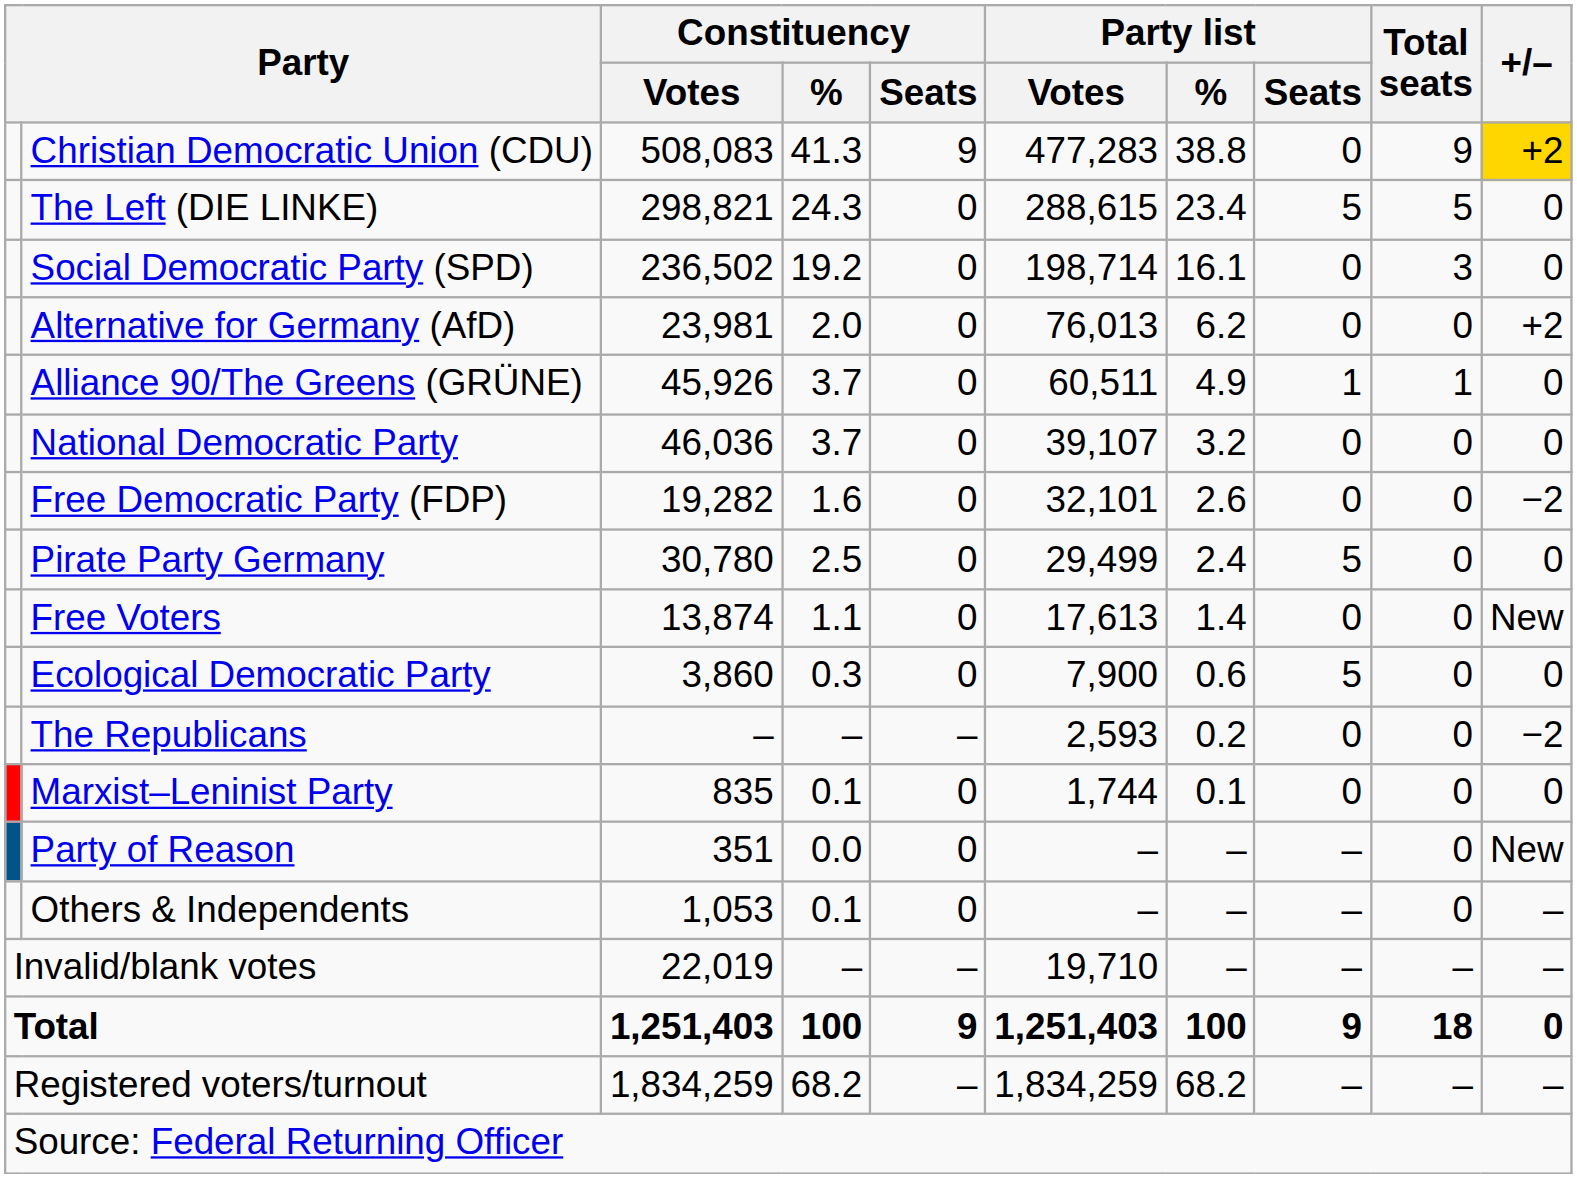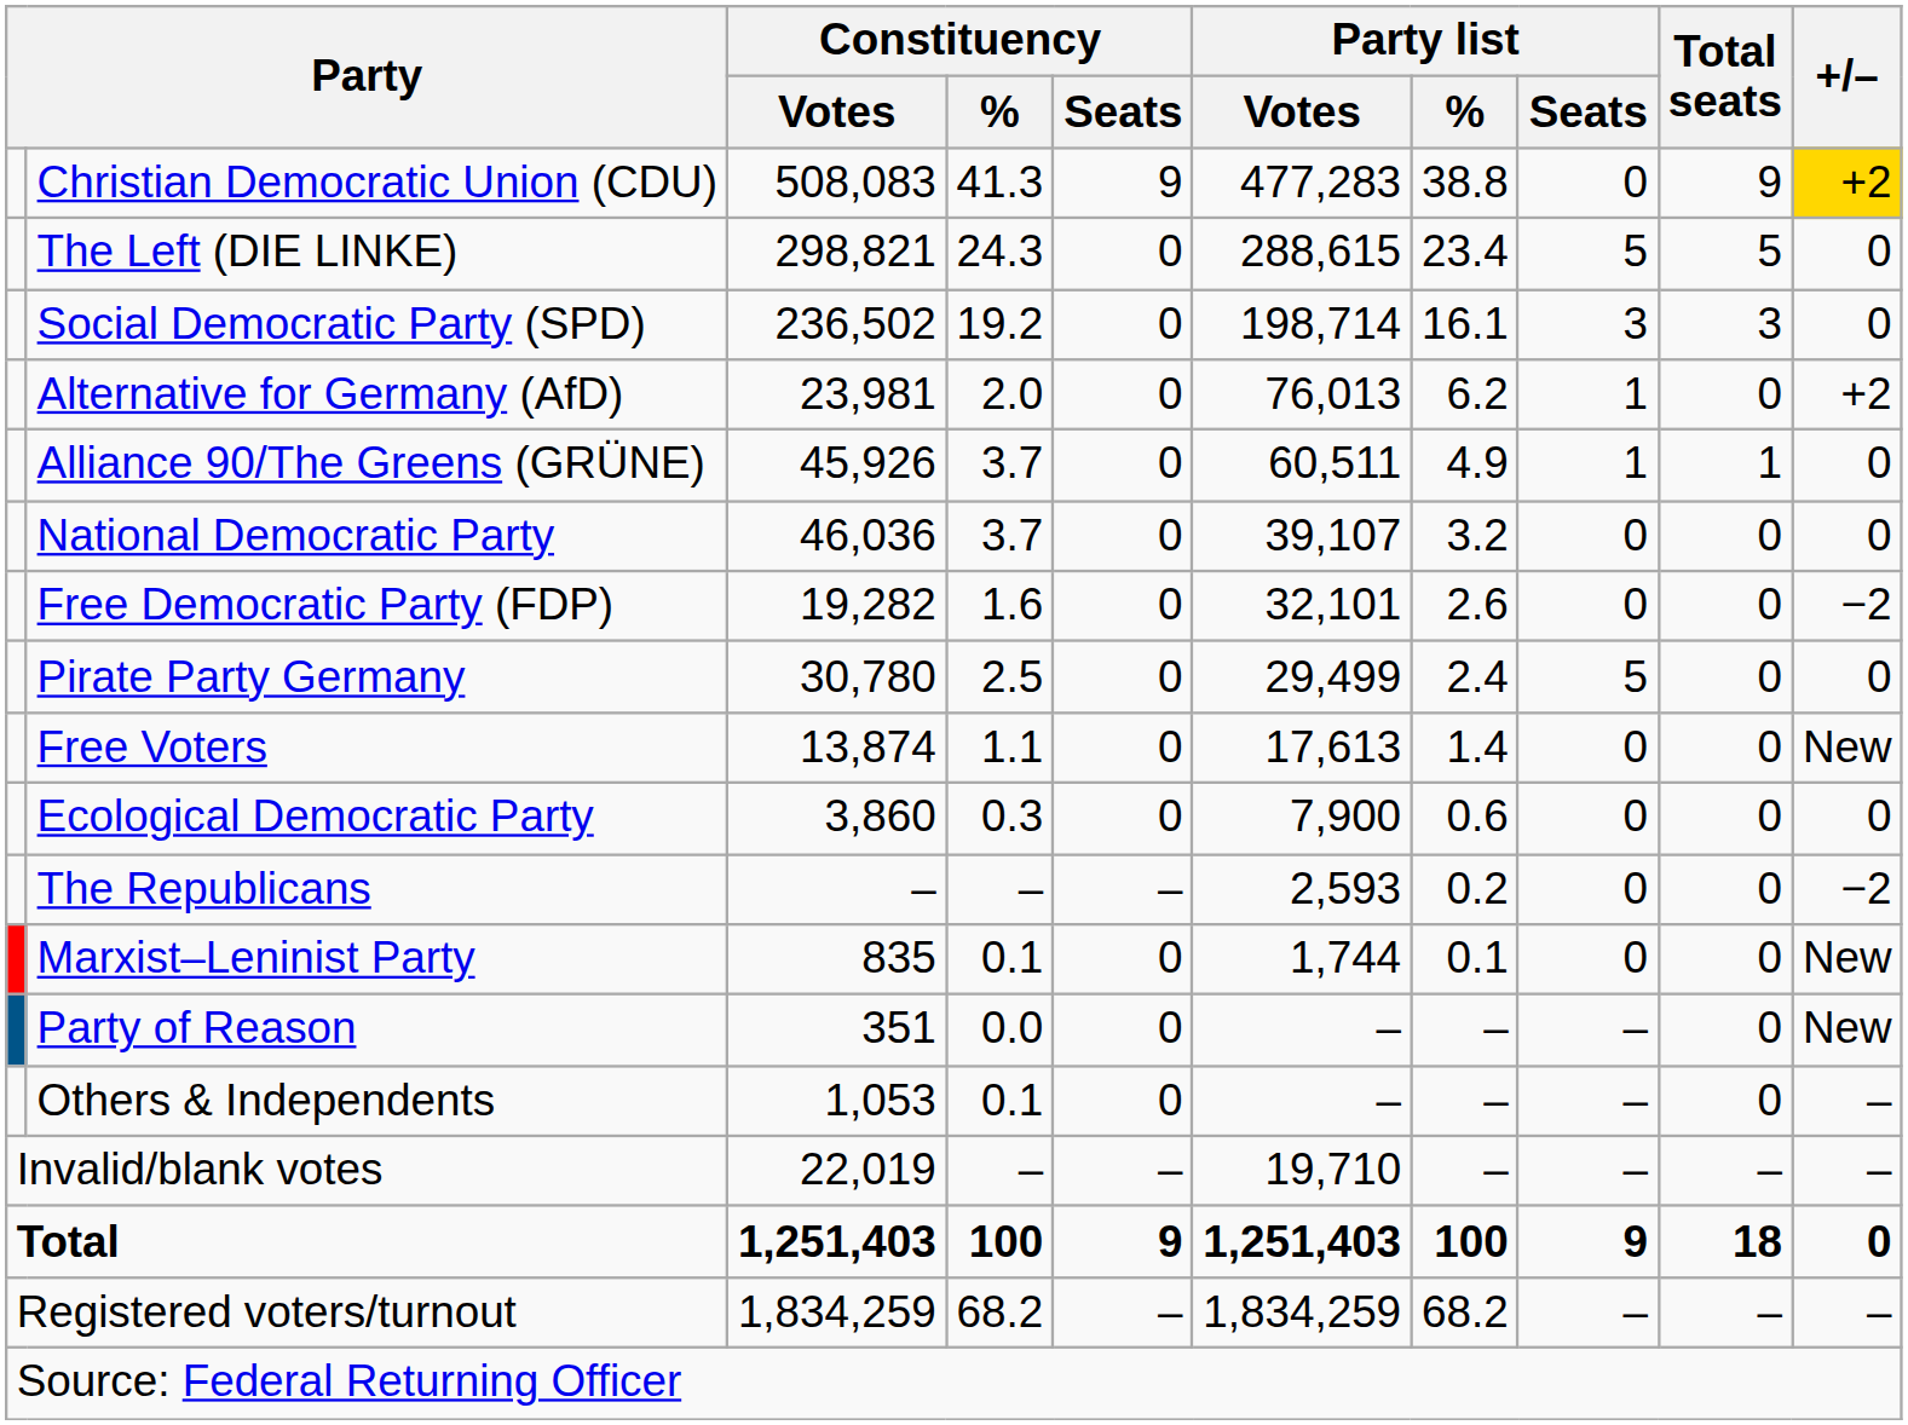 <table class="wikitable" style="text-align:right">
 <tr>
 <th colspan="2" rowspan="2">Party</th>
 <th colspan="3">Constituency</th>
 <th colspan="3">Party list</th>
 <th rowspan="2">Total<br>seats</th>
 <th rowspan="2">+/–</th>
 </tr>
 <tr>
 <th>Votes</th>
 <th>%</th>
 <th>Seats</th>
 <th>Votes</th>
 <th>%</th>
 <th>Seats</th>
 </tr>
 <tr>
 <td></td>
 <td align="left"><a href='#'>Christian Democratic Union</a> (CDU)</td>
 <td>508,083</td>
 <td>41.3</td>
 <td>9</td>
 <td>477,283</td>
 <td>38.8</td>
 <td>0</td>
 <td>9</td>
 <td style="background: gold;">+2</td>
 </tr>
 <tr>
 <td></td>
 <td align="left"><a href='#'>The Left</a> (DIE LINKE)</td>
 <td>298,821</td>
 <td>24.3</td>
 <td>0</td>
 <td>288,615</td>
 <td>23.4</td>
 <td>5</td>
 <td>5</td>
 <td>0</td>
 </tr>
 <tr>
 <td></td>
 <td align="left"><a href='#'>Social Democratic Party</a> (SPD)</td>
 <td>236,502</td>
 <td>19.2</td>
 <td>0</td>
 <td>198,714</td>
 <td>16.1</td>
-<td>0</td>
+<td>3</td>
 <td>3</td>
 <td>0</td>
 </tr>
 <tr>
 <td></td>
 <td align="left"><a href='#'>Alternative for Germany</a> (AfD)</td>
 <td>23,981</td>
 <td>2.0</td>
 <td>0</td>
 <td>76,013</td>
 <td>6.2</td>
-<td>0</td>
+<td>1</td>
 <td>0</td>
 <td>+2</td>
 </tr>
 <tr>
 <td></td>
 <td align="left"><a href='#'>Alliance 90/The Greens</a> (GRÜNE)</td>
 <td>45,926</td>
 <td>3.7</td>
 <td>0</td>
 <td>60,511</td>
 <td>4.9</td>
 <td>1</td>
 <td>1</td>
 <td>0</td>
 </tr>
 <tr>
 <td style="background-color:"></td>
 <td align="left"><a href='#'>National Democratic Party</a></td>
 <td>46,036</td>
 <td>3.7</td>
 <td>0</td>
 <td>39,107</td>
 <td>3.2</td>
 <td>0</td>
 <td>0</td>
 <td>0</td>
 </tr>
 <tr>
 <td></td>
 <td align="left"><a href='#'>Free Democratic Party</a> (FDP)</td>
 <td>19,282</td>
 <td>1.6</td>
 <td>0</td>
 <td>32,101</td>
 <td>2.6</td>
 <td>0</td>
 <td>0</td>
 <td>−2</td>
 </tr>
 <tr>
 <td style="background-color:"></td>
 <td align="left"><a href='#'>Pirate Party Germany</a></td>
 <td>30,780</td>
 <td>2.5</td>
 <td>0</td>
 <td>29,499</td>
 <td>2.4</td>
 <td>5</td>
 <td>0</td>
 <td>0</td>
 </tr>
 <tr>
 <td style="background-color:"></td>
 <td align="left"><a href='#'>Free Voters</a></td>
 <td>13,874</td>
 <td>1.1</td>
 <td>0</td>
 <td>17,613</td>
 <td>1.4</td>
 <td>0</td>
 <td>0</td>
 <td>New</td>
 </tr>
 <tr>
 <td style="background-color:"></td>
 <td align="left"><a href='#'>Ecological Democratic Party</a></td>
 <td>3,860</td>
 <td>0.3</td>
 <td>0</td>
 <td>7,900</td>
 <td>0.6</td>
-<td>5</td>
+<td>0</td>
 <td>0</td>
 <td>0</td>
 </tr>
 <tr>
 <td style="background-color:"></td>
 <td align="left"><a href='#'>The Republicans</a></td>
 <td>–</td>
 <td>–</td>
 <td>–</td>
 <td>2,593</td>
 <td>0.2</td>
 <td>0</td>
 <td>0</td>
 <td>−2</td>
 </tr>
 <tr>
 <td style="background-color:red"></td>
 <td align="left"><a href='#'>Marxist–Leninist Party</a></td>
 <td>835</td>
 <td>0.1</td>
 <td>0</td>
 <td>1,744</td>
 <td>0.1</td>
 <td>0</td>
 <td>0</td>
-<td>0</td>
+<td>New</td>
 </tr>
 <tr>
 <td style="background-color:#005488"></td>
 <td align="left"><a href='#'>Party of Reason</a></td>
 <td>351</td>
 <td>0.0</td>
 <td>0</td>
 <td>–</td>
 <td>–</td>
 <td>–</td>
 <td>0</td>
 <td>New</td>
 </tr>
 <tr>
 <td></td>
 <td align="left">Others & Independents</td>
 <td>1,053</td>
 <td>0.1</td>
 <td>0</td>
 <td>–</td>
 <td>–</td>
 <td>–</td>
 <td>0</td>
 <td>–</td>
 </tr>
 <tr>
 <td colspan="2" align="left">Invalid/blank votes</td>
 <td>22,019</td>
 <td>–</td>
 <td>–</td>
 <td>19,710</td>
 <td>–</td>
 <td>–</td>
 <td>–</td>
 <td>–</td>
 </tr>
 <tr>
 <td colspan="2" align="left"><strong>Total</strong></td>
 <td><strong>1,251,403</strong></td>
 <td><strong>100</strong></td>
 <td><strong>9</strong></td>
 <td><strong>1,251,403</strong></td>
 <td><strong>100</strong></td>
 <td><strong>9</strong></td>
 <td><strong>18</strong></td>
 <td><strong>0</strong></td>
 </tr>
 <tr>
 <td colspan="2" align="left">Registered voters/turnout</td>
 <td>1,834,259</td>
 <td>68.2</td>
 <td>–</td>
 <td>1,834,259</td>
 <td>68.2</td>
 <td>–</td>
 <td>–</td>
 <td>–</td>
 </tr>
 <tr>
 <td colspan="10" align="left">Source: <a href='#'>Federal Returning Officer</a></td>
 </tr>
 </table>
